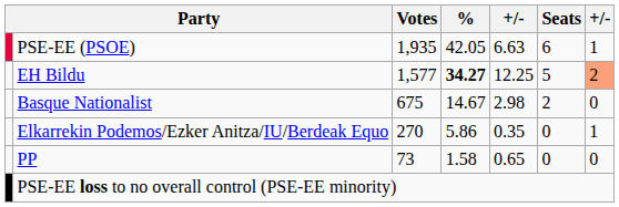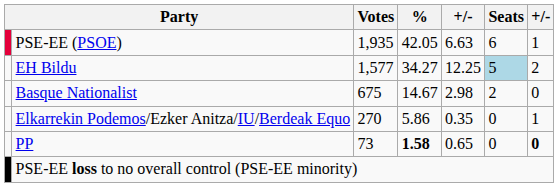 <table class="wikitable">
 <tr>
 <th colspan="2">Party</th>
 <th>Votes</th>
 <th>%</th>
 <th>+/-</th>
 <th>Seats</th>
 <th>+/-</th>
 </tr>
 <tr>
 <td bgcolor="#E4003B"></td>
 <td>PSE-EE (<a href='#'>PSOE</a>)</td>
 <td>1,935</td>
 <td>42.05</td>
 <td> 6.63</td>
 <td>6</td>
 <td> 1</td>
 </tr>
 <tr>
 <td></td>
 <td><a href='#'>EH Bildu</a></td>
 <td>1,577</td>
-<td><strong>34.27</strong></td>
+<td>34.27</td>
 <td> 12.25</td>
-<td>5</td>
-<td style="background: lightsalmon;"> 2</td>
+<td style="background: lightblue;">5</td>
+<td> 2</td>
 </tr>
 <tr>
 <td></td>
 <td><a href='#'>Basque Nationalist</a></td>
 <td>675</td>
 <td>14.67</td>
 <td> 2.98</td>
 <td>2</td>
 <td> 0</td>
 </tr>
 <tr>
 <td></td>
 <td><a href='#'>Elkarrekin Podemos</a>/Ezker Anitza/<a href='#'>IU</a>/<a href='#'>Berdeak Equo</a></td>
 <td>270</td>
 <td>5.86</td>
 <td> 0.35</td>
 <td>0</td>
 <td> 1</td>
 </tr>
 <tr>
 <td></td>
 <td><a href='#'>PP</a></td>
 <td>73</td>
-<td>1.58</td>
+<td><strong>1.58</strong></td>
 <td> 0.65</td>
 <td>0</td>
-<td> 0</td>
+<td><strong> 0</strong></td>
 </tr>
 <tr>
 <td bgcolor="black"></td>
 <td colspan="6">PSE-EE <strong>loss</strong> to no overall control (PSE-EE minority)</td>
 </tr>
 </table>
